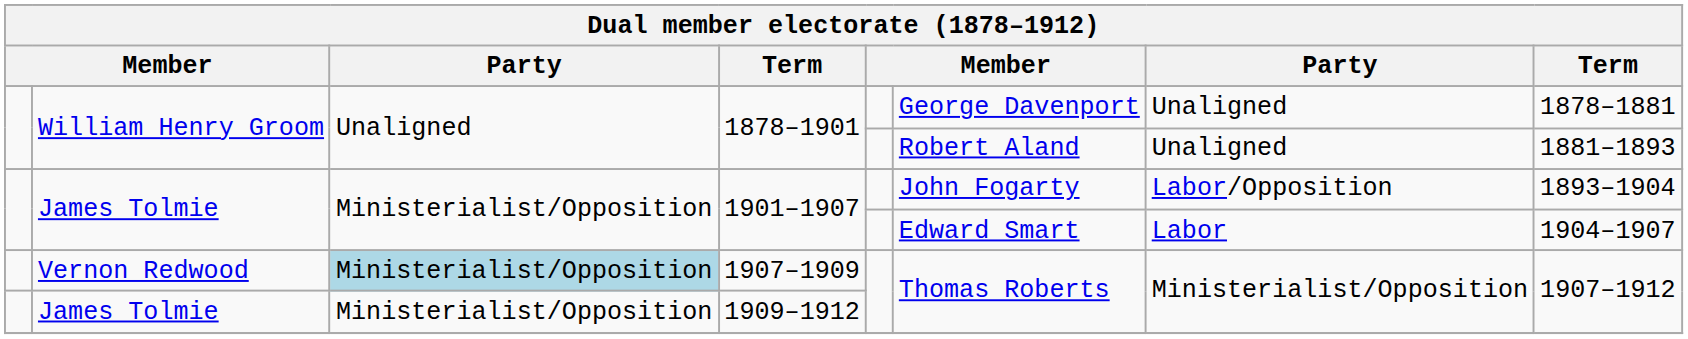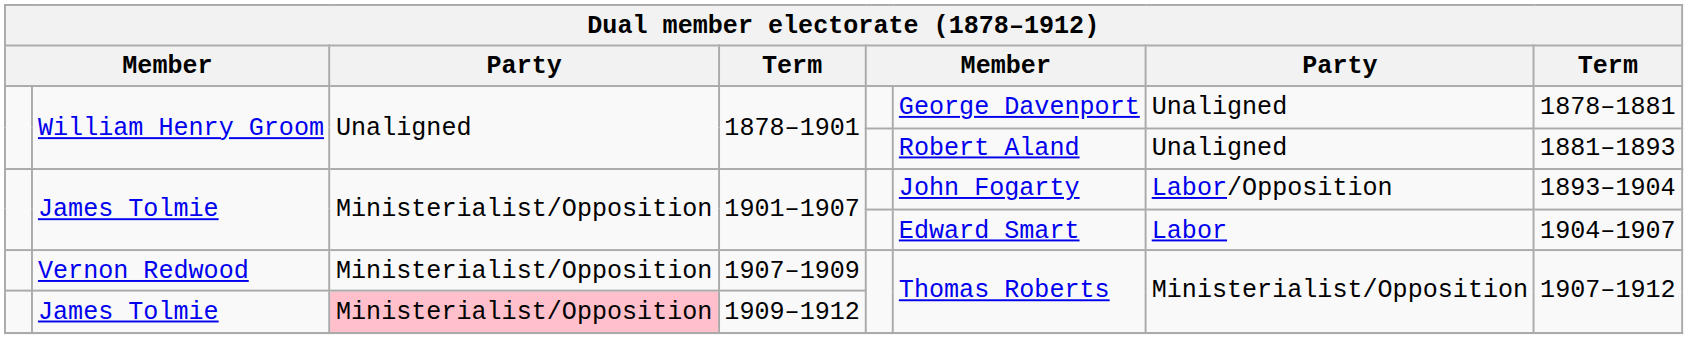 <table class="wikitable">
 <tr>
 <th colspan="8">Dual member electorate (1878–1912)</th>
 </tr>
 <tr>
 <th colspan="2">Member</th>
 <th>Party</th>
 <th>Term</th>
 <th colspan="2">Member</th>
 <th>Party</th>
 <th>Term</th>
 </tr>
 <tr>
 <td rowspan="3" > </td>
 <td rowspan="3"><a href='#'>William Henry Groom</a></td>
 <td rowspan="3">Unaligned</td>
 <td rowspan="3">1878–1901</td>
 <td> </td>
 <td><a href='#'>George Davenport</a></td>
 <td>Unaligned</td>
 <td>1878–1881</td>
 </tr>
 <tr>
 <td> </td>
 <td><a href='#'>Robert Aland</a></td>
 <td>Unaligned</td>
 <td>1881–1893</td>
 </tr>
 <tr>
 <td rowspan="2" > </td>
 <td rowspan="2"><a href='#'>John Fogarty</a></td>
 <td rowspan="2"><a href='#'>Labor</a>/Opposition</td>
 <td rowspan="2">1893–1904</td>
 </tr>
 <tr>
 <td rowspan="2" > </td>
 <td rowspan="2"><a href='#'>James Tolmie</a></td>
 <td rowspan="2">Ministerialist/Opposition</td>
 <td rowspan="2">1901–1907</td>
 </tr>
 <tr>
 <td> </td>
 <td><a href='#'>Edward Smart</a></td>
 <td><a href='#'>Labor</a></td>
 <td>1904–1907</td>
 </tr>
 <tr>
 <td> </td>
 <td><a href='#'>Vernon Redwood</a></td>
-<td style="background: lightblue;">Ministerialist/Opposition</td>
+<td>Ministerialist/Opposition</td>
 <td>1907–1909</td>
 <td rowspan="2" > </td>
 <td rowspan="2"><a href='#'>Thomas Roberts</a></td>
 <td rowspan="2">Ministerialist/Opposition</td>
 <td rowspan="2">1907–1912</td>
 </tr>
 <tr>
 <td> </td>
 <td><a href='#'>James Tolmie</a></td>
-<td>Ministerialist/Opposition</td>
+<td style="background: pink;">Ministerialist/Opposition</td>
 <td>1909–1912</td>
 </tr>
 <tr>
 </tr>
 </table>
